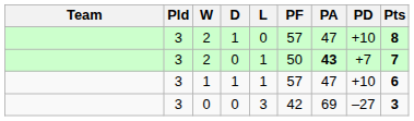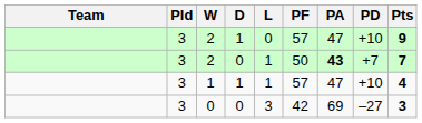 <table class="wikitable" style="text-align:center;">
 <tr>
 <th width=175>Team</th>
 <th width=25 abbr="Played">Pld</th>
 <th width=25 abbr="Won">W</th>
 <th width=25 abbr="Drawn">D</th>
 <th width=25 abbr="Lost">L</th>
 <th width=32 abbr="Points for">PF</th>
 <th width=32 abbr="Points against">PA</th>
 <th width=32 abbr="Points difference">PD</th>
 <th width=25 abbr="Points">Pts</th>
 </tr>
 <tr bgcolor=ccffcc>
 <td align=left></td>
 <td>3</td>
 <td>2</td>
 <td>1</td>
 <td>0</td>
 <td>57</td>
 <td>47</td>
 <td>+10</td>
-<td><strong>8</strong></td>
+<td><strong>9</strong></td>
 </tr>
 <tr bgcolor=ccffcc>
 <td align=left></td>
 <td>3</td>
 <td>2</td>
 <td>0</td>
 <td>1</td>
 <td>50</td>
 <td><strong>43</strong></td>
 <td>+7</td>
 <td><strong>7</strong></td>
 </tr>
 <tr>
 <td align=left></td>
 <td>3</td>
 <td>1</td>
 <td>1</td>
 <td>1</td>
 <td>57</td>
 <td>47</td>
 <td>+10</td>
-<td><strong>6</strong></td>
+<td><strong>4</strong></td>
 </tr>
 <tr>
 <td align=left></td>
 <td>3</td>
 <td>0</td>
 <td>0</td>
 <td>3</td>
 <td>42</td>
 <td>69</td>
 <td>–27</td>
 <td><strong>3</strong></td>
 </tr>
 </table>
